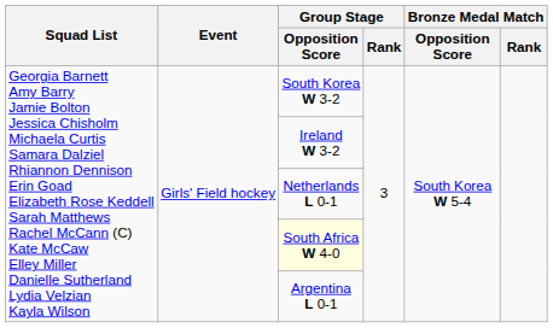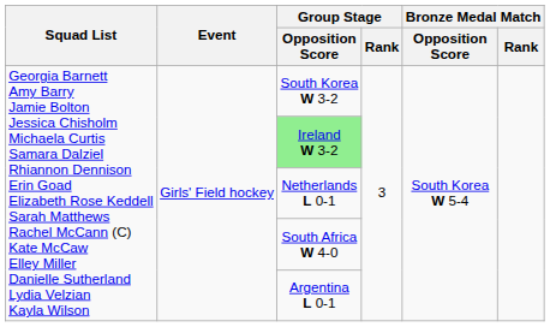 <table class=wikitable style="font-size:90%">
 <tr>
 <th rowspan=2>Squad List</th>
 <th rowspan=2>Event</th>
 <th colspan=2>Group Stage</th>
 <th colspan=2>Bronze Medal Match</th>
 </tr>
 <tr>
 <th>Opposition<br>Score</th>
 <th>Rank</th>
 <th>Opposition<br>Score</th>
 <th>Rank</th>
 </tr>
 <tr>
 <td rowspan=5><a href='#'>Georgia Barnett</a><br><a href='#'>Amy Barry</a><br><a href='#'>Jamie Bolton</a><br><a href='#'>Jessica Chisholm</a><br><a href='#'>Michaela Curtis</a><br><a href='#'>Samara Dalziel</a><br><a href='#'>Rhiannon Dennison</a><br><a href='#'>Erin Goad</a><br><a href='#'>Elizabeth Rose Keddell</a><br><a href='#'>Sarah Matthews</a><br><a href='#'>Rachel McCann</a> (C)<br><a href='#'>Kate McCaw</a><br><a href='#'>Elley Miller</a><br><a href='#'>Danielle Sutherland</a><br><a href='#'>Lydia Velzian</a><br><a href='#'>Kayla Wilson</a></td>
 <td rowspan=5><a href='#'>Girls' Field hockey</a></td>
 <td align=center> <a href='#'>South Korea</a><br> <strong>W</strong> 3-2</td>
 <td rowspan=5 align=center>3</td>
 <td rowspan=5 align=center> <a href='#'>South Korea</a><br> <strong>W</strong> 5-4</td>
 <td rowspan=5 align=center></td>
 </tr>
 <tr>
-<td align=center> <a href='#'>Ireland</a><br> <strong>W</strong> 3-2</td>
+<td align=center style="background: lightgreen;"> <a href='#'>Ireland</a><br> <strong>W</strong> 3-2</td>
 </tr>
 <tr>
 <td align=center> <a href='#'>Netherlands</a><br> <strong>L</strong> 0-1</td>
 </tr>
 <tr>
-<td align=center style="background: lightyellow;"> <a href='#'>South Africa</a><br> <strong>W</strong> 4-0</td>
+<td align=center> <a href='#'>South Africa</a><br> <strong>W</strong> 4-0</td>
 </tr>
 <tr>
 <td align=center> <a href='#'>Argentina</a><br> <strong>L</strong> 0-1</td>
 </tr>
 </table>
